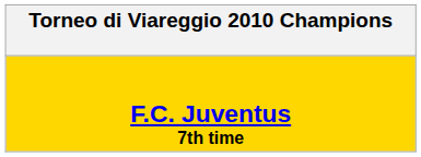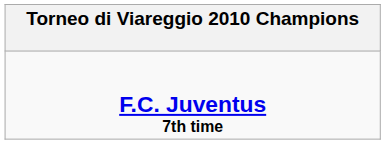 <table class="wikitable" style="margin: 0 auto; width: 30%;">
 <tr>
 <th><big>Torneo di Viareggio 2010 Champions</big><br><br></th>
 </tr>
 <tr>
-<td align=center style="background: gold;"><br><br><big><big><strong><a href='#'>F.C. Juventus</a></strong><br></big></big><strong>7th time</strong></td>
+<td align=center><br><br><big><big><strong><a href='#'>F.C. Juventus</a></strong><br></big></big><strong>7th time</strong></td>
 </tr>
 </table>
